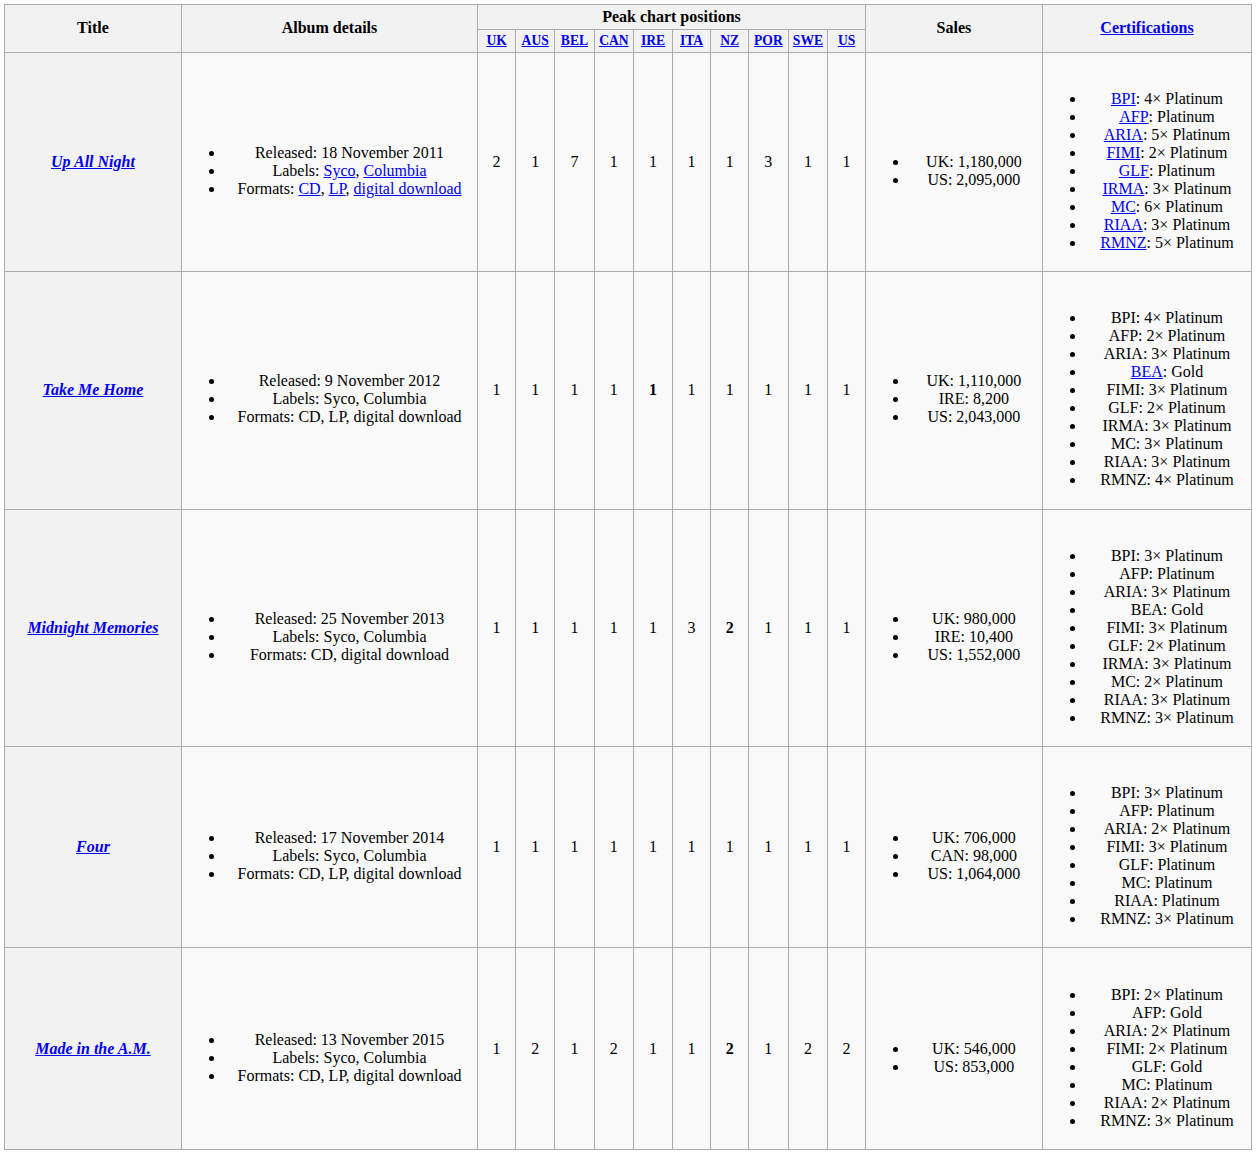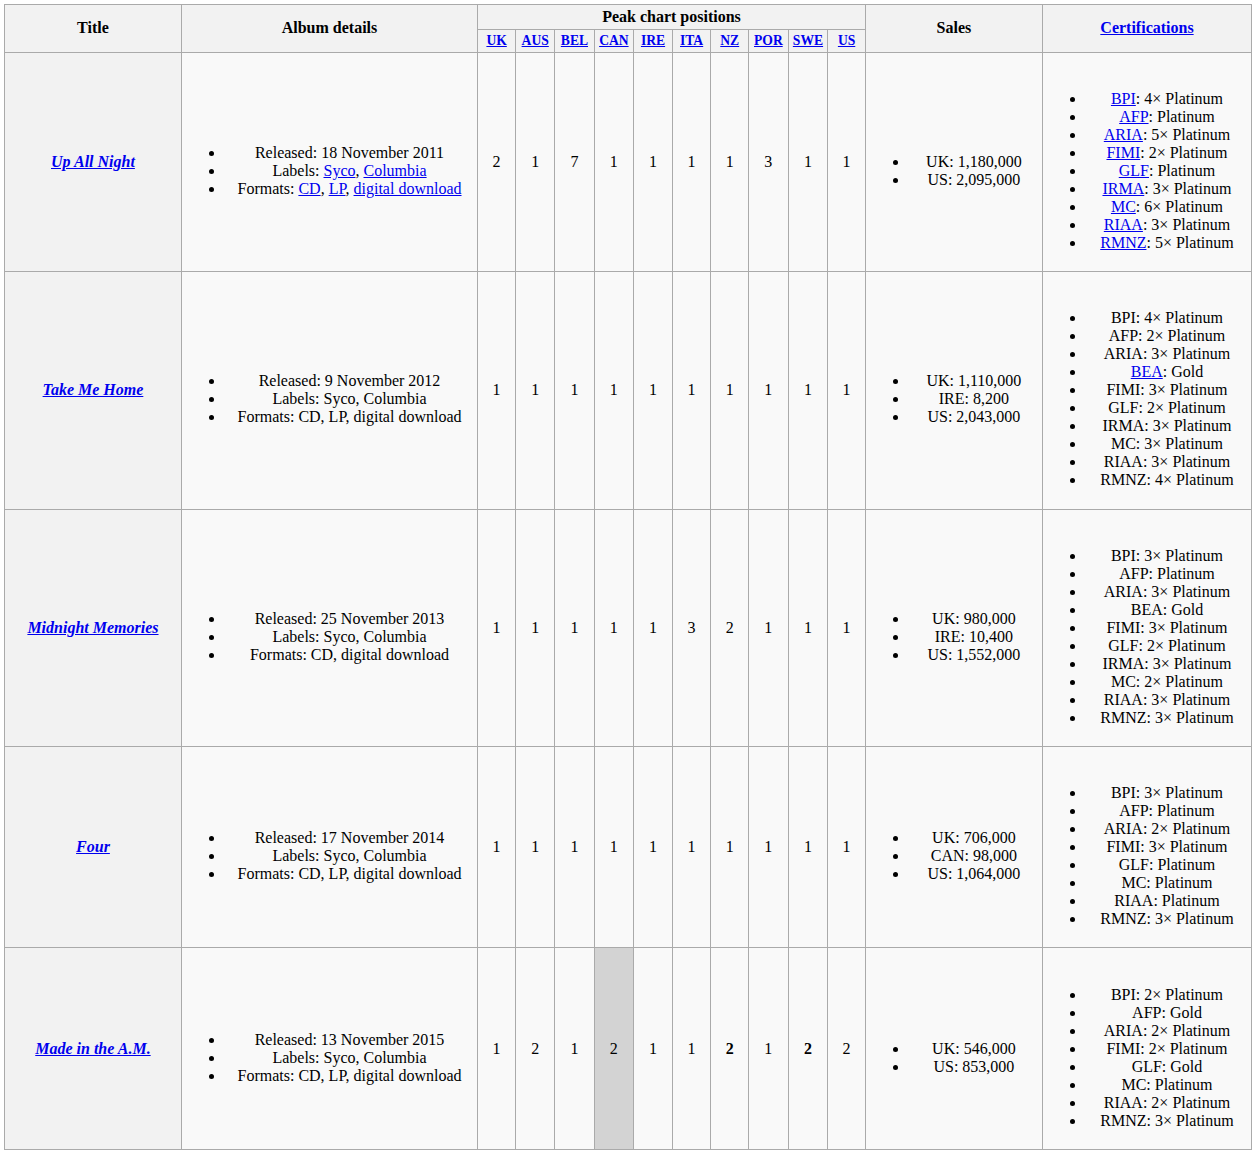 <table class="wikitable plainrowheaders" style="text-align:center;">
 <tr>
 <th scope="col" rowspan="2" style="width:12em;">Title</th>
 <th scope="col" rowspan="2" style="width:20.5em;">Album details</th>
 <th scope="col" colspan="10">Peak chart positions</th>
 <th scope="col" rowspan="2" style="width:11.5em;">Sales</th>
 <th scope="col" rowspan="2" style="width:14em;"><a href='#'>Certifications</a></th>
 </tr>
 <tr>
 <th scope="col" style="width:2.5em;font-size:85%;"><a href='#'>UK</a> <br></th>
 <th scope="col" style="width:2.5em;font-size:85%;"><a href='#'>AUS</a> <br></th>
 <th scope="col" style="width:2.5em;font-size:85%;"><a href='#'>BEL</a><br></th>
 <th scope="col" style="width:2.5em;font-size:85%;"><a href='#'>CAN</a> <br></th>
 <th scope="col" style="width:2.5em;font-size:85%;"><a href='#'>IRE</a> <br></th>
 <th scope="col" style="width:2.5em;font-size:85%;"><a href='#'>ITA</a> <br></th>
 <th scope="col" style="width:2.5em;font-size:85%;"><a href='#'>NZ</a> <br></th>
 <th scope="col" style="width:2.5em;font-size:85%;"><a href='#'>POR</a> <br></th>
 <th scope="col" style="width:2.5em;font-size:85%;"><a href='#'>SWE</a> <br></th>
 <th scope="col" style="width:2.5em;font-size:85%;"><a href='#'>US</a> <br></th>
 </tr>
 <tr>
 <th scope="row"><em><a href='#'>Up All Night</a></em></th>
 <td><br><ul><li>Released: 18 November 2011</li><li>Labels: <a href='#'>Syco</a>, <a href='#'>Columbia</a></li><li>Formats: <a href='#'>CD</a>, <a href='#'>LP</a>, <a href='#'>digital download</a></li></ul></td>
 <td>2</td>
 <td>1</td>
 <td>7</td>
 <td>1</td>
 <td>1</td>
 <td>1</td>
 <td>1</td>
 <td>3</td>
 <td>1</td>
 <td>1</td>
 <td><br><ul><li>UK: 1,180,000</li><li>US: 2,095,000</li></ul></td>
 <td><br><ul><li><a href='#'>BPI</a>: 4× Platinum</li><li><a href='#'>AFP</a>: Platinum</li><li><a href='#'>ARIA</a>: 5× Platinum</li><li><a href='#'>FIMI</a>: 2× Platinum</li><li><a href='#'>GLF</a>: Platinum</li><li><a href='#'>IRMA</a>: 3× Platinum</li><li><a href='#'>MC</a>: 6× Platinum</li><li><a href='#'>RIAA</a>: 3× Platinum</li><li><a href='#'>RMNZ</a>: 5× Platinum</li></ul></td>
 </tr>
 <tr>
 <th scope="row"><em><a href='#'>Take Me Home</a></em></th>
 <td><br><ul><li>Released: 9 November 2012</li><li>Labels: Syco, Columbia</li><li>Formats: CD, LP, digital download</li></ul></td>
 <td>1</td>
 <td>1</td>
 <td>1</td>
 <td>1</td>
-<td><strong>1</strong></td>
+<td>1</td>
 <td>1</td>
 <td>1</td>
 <td>1</td>
 <td>1</td>
 <td>1</td>
 <td><br><ul><li>UK: 1,110,000</li><li>IRE: 8,200</li><li>US: 2,043,000</li></ul></td>
 <td><br><ul><li>BPI: 4× Platinum</li><li>AFP: 2× Platinum</li><li>ARIA: 3× Platinum</li><li><a href='#'>BEA</a>: Gold</li><li>FIMI: 3× Platinum</li><li>GLF: 2× Platinum</li><li>IRMA: 3× Platinum</li><li>MC: 3× Platinum</li><li>RIAA: 3× Platinum</li><li>RMNZ: 4× Platinum</li></ul></td>
 </tr>
 <tr>
 <th scope="row"><em><a href='#'>Midnight Memories</a></em></th>
 <td><br><ul><li>Released: 25 November 2013</li><li>Labels: Syco, Columbia</li><li>Formats: CD, digital download</li></ul></td>
 <td>1</td>
 <td>1</td>
 <td>1</td>
 <td>1</td>
 <td>1</td>
 <td>3</td>
-<td><strong>2</strong></td>
+<td>2</td>
 <td>1</td>
 <td>1</td>
 <td>1</td>
 <td><br><ul><li>UK: 980,000</li><li>IRE: 10,400</li><li>US: 1,552,000</li></ul></td>
 <td><br><ul><li>BPI: 3× Platinum</li><li>AFP: Platinum</li><li>ARIA: 3× Platinum</li><li>BEA: Gold</li><li>FIMI: 3× Platinum</li><li>GLF: 2× Platinum</li><li>IRMA: 3× Platinum</li><li>MC: 2× Platinum</li><li>RIAA: 3× Platinum</li><li>RMNZ: 3× Platinum</li></ul></td>
 </tr>
 <tr>
 <th scope="row"><em><a href='#'>Four</a></em></th>
 <td><br><ul><li>Released: 17 November 2014</li><li>Labels: Syco, Columbia</li><li>Formats: CD, LP, digital download</li></ul></td>
 <td>1</td>
 <td>1</td>
 <td>1</td>
 <td>1</td>
 <td>1</td>
 <td>1</td>
 <td>1</td>
 <td>1</td>
 <td>1</td>
 <td>1</td>
 <td><br><ul><li>UK: 706,000</li><li>CAN: 98,000</li><li>US: 1,064,000</li></ul></td>
 <td><br><ul><li>BPI: 3× Platinum</li><li>AFP: Platinum</li><li>ARIA: 2× Platinum</li><li>FIMI: 3× Platinum</li><li>GLF: Platinum</li><li>MC: Platinum</li><li>RIAA: Platinum</li><li>RMNZ: 3× Platinum</li></ul></td>
 </tr>
 <tr>
 <th scope="row"><em><a href='#'>Made in the A.M.</a></em></th>
 <td><br><ul><li>Released: 13 November 2015</li><li>Labels: Syco, Columbia</li><li>Formats: CD, LP, digital download</li></ul></td>
 <td>1</td>
 <td>2</td>
 <td>1</td>
-<td>2</td>
+<td style="background: lightgrey;">2</td>
 <td>1</td>
 <td>1</td>
 <td><strong>2</strong></td>
 <td>1</td>
-<td>2</td>
+<td><strong>2</strong></td>
 <td>2</td>
 <td><br><ul><li>UK: 546,000</li><li>US: 853,000</li></ul></td>
 <td><br><ul><li>BPI: 2× Platinum</li><li>AFP: Gold</li><li>ARIA: 2× Platinum</li><li>FIMI: 2× Platinum</li><li>GLF: Gold</li><li>MC: Platinum</li><li>RIAA: 2× Platinum</li><li>RMNZ: 3× Platinum</li></ul></td>
 </tr>
 </table>
